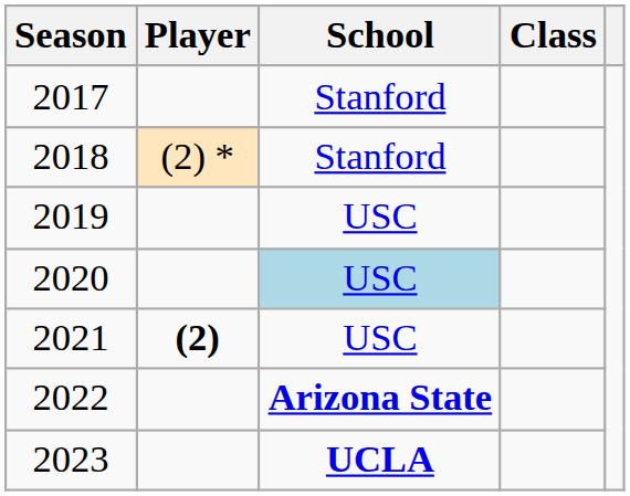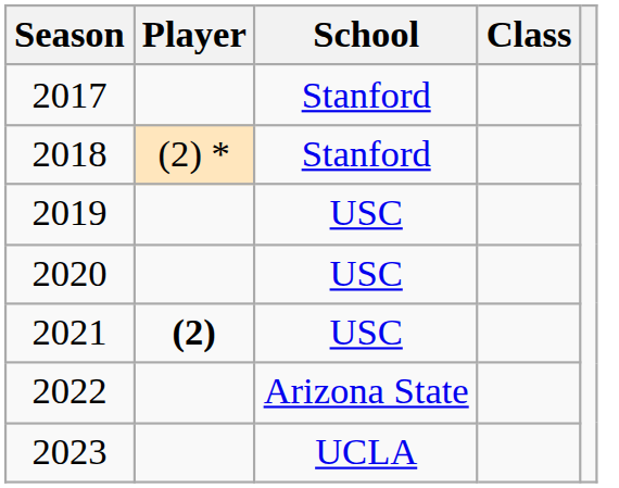 <table class="wikitable sortable" style="text-align: center;">
 <tr>
 <th>Season</th>
 <th>Player</th>
 <th>School</th>
 <th>Class</th>
 <th class="unsortable"></th>
 </tr>
 <tr>
 <td>2017</td>
 <td></td>
 <td><a href='#'>Stanford</a></td>
 <td></td>
 <td rowspan=7></td>
 </tr>
 <tr>
 <td>2018</td>
 <td style="background-color:#FFE6BD"> (2) *</td>
 <td><a href='#'>Stanford</a></td>
 <td></td>
 </tr>
 <tr>
 <td>2019</td>
 <td></td>
 <td><a href='#'>USC</a></td>
 <td></td>
 </tr>
 <tr>
 <td>2020</td>
 <td></td>
-<td style="background: lightblue;"><a href='#'>USC</a></td>
+<td><a href='#'>USC</a></td>
 <td></td>
 </tr>
 <tr>
 <td>2021</td>
 <td><strong> (2)</strong></td>
 <td><a href='#'>USC</a></td>
 <td></td>
 </tr>
 <tr>
 <td>2022</td>
 <td></td>
-<td><strong><a href='#'>Arizona State</a></strong></td>
+<td><a href='#'>Arizona State</a></td>
 <td></td>
 </tr>
 <tr>
 <td>2023</td>
 <td></td>
-<td><strong><a href='#'>UCLA</a></strong></td>
+<td><a href='#'>UCLA</a></td>
 <td></td>
 </tr>
 </table>
